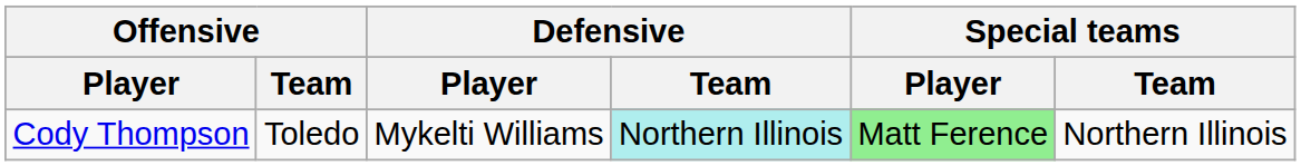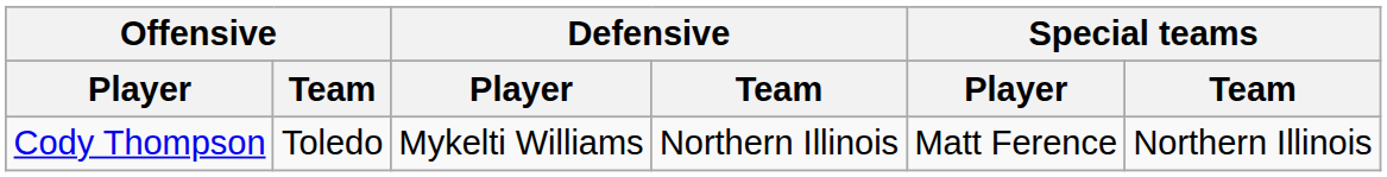 <table class="wikitable" style="display: inline-table;">
 <tr>
 <th colspan="2">Offensive</th>
 <th colspan="2">Defensive</th>
 <th colspan="2">Special teams</th>
 </tr>
 <tr>
 <th>Player</th>
 <th>Team</th>
 <th>Player</th>
 <th>Team</th>
 <th>Player</th>
 <th>Team</th>
 </tr>
 <tr>
 <td><a href='#'>Cody Thompson</a></td>
 <td>Toledo</td>
 <td>Mykelti Williams</td>
-<td style="background: paleturquoise;">Northern Illinois</td>
-<td style="background: lightgreen;">Matt Ference</td>
+<td>Northern Illinois</td>
+<td>Matt Ference</td>
 <td>Northern Illinois</td>
 </tr>
 </table>
